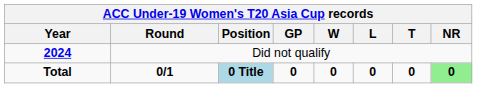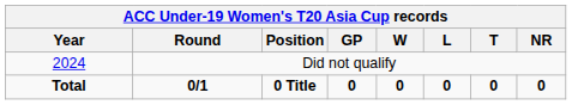 <table class="wikitable" style="text-align: center; width=900px;">
 <tr>
 <th colspan=9><a href='#'>ACC Under-19 Women's T20 Asia Cup</a> records</th>
 </tr>
 <tr>
 <th width=150>Year</th>
 <th width=150>Round</th>
 <th width=50>Position</th>
 <th width=50>GP</th>
 <th width=50>W</th>
 <th width=50>L</th>
 <th width=50>T</th>
 <th width=50>NR</th>
 </tr>
 <tr>
-<td><strong> <a href='#'>2024</a></strong></td>
+<td> <a href='#'>2024</a></td>
 <td colspan="8">Did not qualify</td>
 </tr>
 <tr>
 <td><strong>Total</strong></td>
 <td><strong>0/1</strong></td>
-<td style="background: lightblue;"><strong>0 Title</strong></td>
+<td><strong>0 Title</strong></td>
 <td><strong>0</strong></td>
 <td><strong>0</strong></td>
 <td><strong>0</strong></td>
 <td><strong>0</strong></td>
-<td style="background: lightgreen;"><strong>0</strong></td>
+<td><strong>0</strong></td>
 </tr>
 </table>
